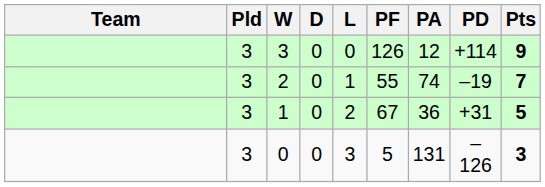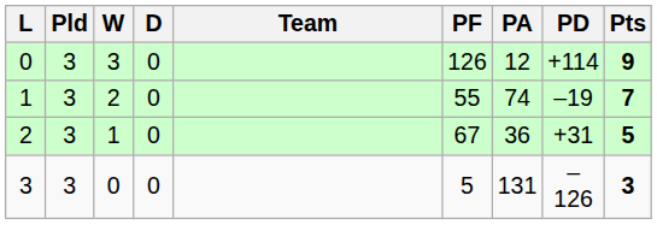 <table class="wikitable" style="text-align:center;">
 <tr>
-<th width=175>Team</th>
+<th width=20 abbr="Lost">L</th>
 <th width=20 abbr="Played">Pld</th>
 <th width=20 abbr="Won">W</th>
 <th width=20 abbr="Drawn">D</th>
-<th width=20 abbr="Lost">L</th>
+<th width=175>Team</th>
 <th width=20 abbr="Points for">PF</th>
 <th width=20 abbr="Points against">PA</th>
 <th width=25 abbr="Points difference">PD</th>
 <th width=20 abbr="Points">Pts</th>
 </tr>
 <tr bgcolor=ccffcc>
-<td style="text-align:left;"></td>
+<td>0</td>
 <td>3</td>
 <td>3</td>
 <td>0</td>
-<td>0</td>
+<td style="text-align:left;"></td>
 <td>126</td>
 <td>12</td>
 <td>+114</td>
 <td><strong>9</strong></td>
 </tr>
 <tr bgcolor=ccffcc>
-<td style="text-align:left;"></td>
+<td>1</td>
 <td>3</td>
 <td>2</td>
 <td>0</td>
-<td>1</td>
+<td style="text-align:left;"></td>
 <td>55</td>
 <td>74</td>
 <td>–19</td>
 <td><strong>7</strong></td>
 </tr>
 <tr bgcolor=ccffcc>
-<td style="text-align:left;"></td>
+<td>2</td>
 <td>3</td>
 <td>1</td>
 <td>0</td>
-<td>2</td>
+<td style="text-align:left;"></td>
 <td>67</td>
 <td>36</td>
 <td>+31</td>
 <td><strong>5</strong></td>
 </tr>
 <tr>
-<td style="text-align:left;"></td>
+<td>3</td>
 <td>3</td>
 <td>0</td>
 <td>0</td>
-<td>3</td>
+<td style="text-align:left;"></td>
 <td>5</td>
 <td>131</td>
 <td>–126</td>
 <td><strong>3</strong></td>
 </tr>
 </table>
